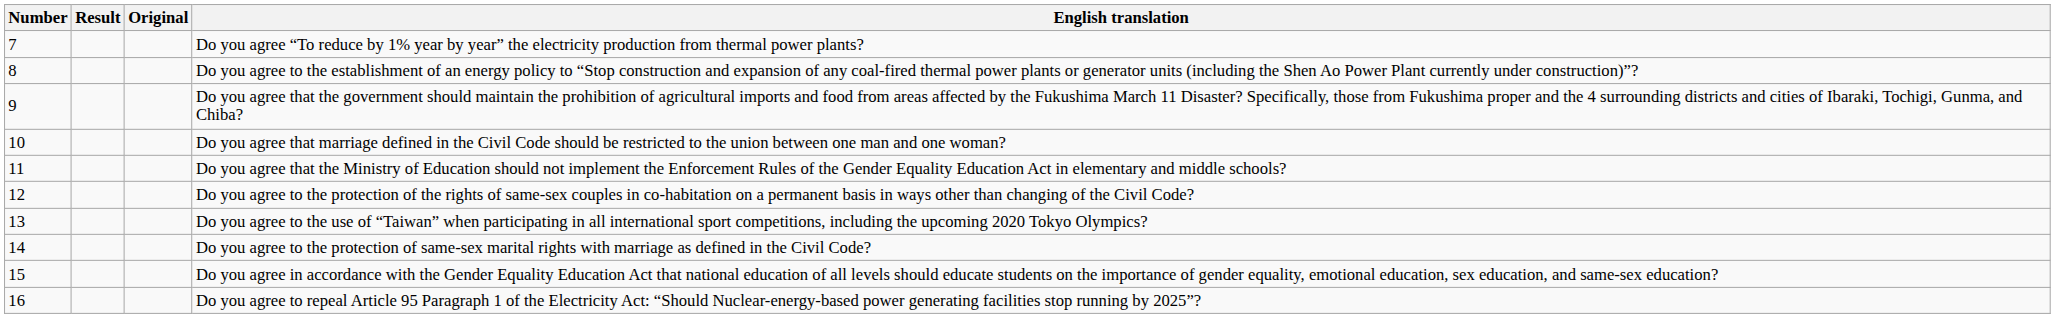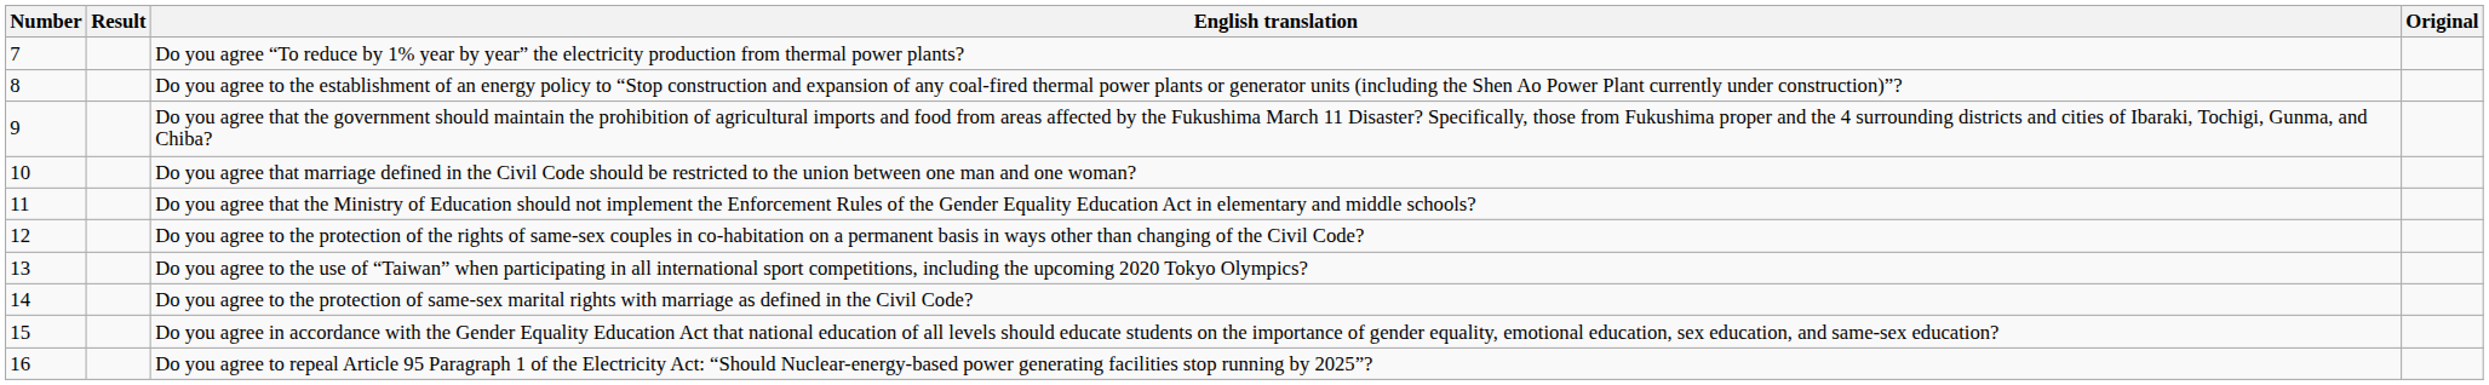 <table class="wikitable">
 <tr>
 <th>Number</th>
 <th>Result</th>
+<th>English translation</th>
 <th>Original</th>
-<th>English translation</th>
 </tr>
 <tr>
 <td>7</td>
 <td></td>
+<td>Do you agree “To reduce by 1% year by year” the electricity production from  thermal power plants?</td>
 <td></td>
-<td>Do you agree “To reduce by 1% year by year” the electricity production from  thermal power plants?</td>
 </tr>
 <tr>
 <td>8</td>
 <td></td>
+<td>Do you agree to the establishment of an energy policy to “Stop construction and expansion of any coal-fired thermal power plants or generator units (including the Shen Ao Power Plant currently under construction)”?</td>
 <td></td>
-<td>Do you agree to the establishment of an energy policy to “Stop construction and expansion of any coal-fired thermal power plants or generator units (including the Shen Ao Power Plant currently under construction)”?</td>
 </tr>
 <tr>
 <td>9</td>
 <td></td>
+<td>Do you agree that the government should maintain the prohibition of agricultural imports and food from areas affected by the Fukushima March 11 Disaster? Specifically, those from Fukushima proper and the 4 surrounding districts and cities of Ibaraki, Tochigi, Gunma, and Chiba?</td>
 <td></td>
-<td>Do you agree that the government should maintain the prohibition of agricultural imports and food from areas affected by the Fukushima March 11 Disaster? Specifically, those from Fukushima proper and the 4 surrounding districts and cities of Ibaraki, Tochigi, Gunma, and Chiba?</td>
 </tr>
 <tr>
 <td>10</td>
 <td></td>
+<td>Do you agree that marriage defined in the Civil Code should be restricted to the union between one man and one woman?</td>
 <td></td>
-<td>Do you agree that marriage defined in the Civil Code should be restricted to the union between one man and one woman?</td>
 </tr>
 <tr>
 <td>11</td>
 <td></td>
+<td>Do you agree that the Ministry of Education should not implement the Enforcement Rules of the Gender Equality Education Act in elementary and middle schools?</td>
 <td></td>
-<td>Do you agree that the Ministry of Education should not implement the Enforcement Rules of the Gender Equality Education Act in elementary and middle schools?</td>
 </tr>
 <tr>
 <td>12</td>
 <td></td>
+<td>Do you agree to the protection of the rights of same-sex couples in co-habitation on a permanent basis in ways other than changing of the Civil Code?</td>
 <td></td>
-<td>Do you agree to the protection of the rights of same-sex couples in co-habitation on a permanent basis in ways other than changing of the Civil Code?</td>
 </tr>
 <tr>
 <td>13</td>
 <td></td>
+<td>Do you agree to the use of “Taiwan” when participating in all international sport competitions, including the upcoming 2020 Tokyo Olympics?</td>
 <td></td>
-<td>Do you agree to the use of “Taiwan” when participating in all international sport competitions, including the upcoming 2020 Tokyo Olympics?</td>
 </tr>
 <tr>
 <td>14</td>
 <td></td>
+<td>Do you agree to the protection of same-sex marital rights with marriage as defined in the Civil Code?</td>
 <td></td>
-<td>Do you agree to the protection of same-sex marital rights with marriage as defined in the Civil Code?</td>
 </tr>
 <tr>
 <td>15</td>
 <td></td>
+<td>Do you agree in accordance with the Gender Equality Education Act that national education of all levels should educate students on the importance of gender equality, emotional education, sex education, and same-sex education?</td>
 <td></td>
-<td>Do you agree in accordance with the Gender Equality Education Act that national education of all levels should educate students on the importance of gender equality, emotional education, sex education, and same-sex education?</td>
 </tr>
 <tr>
 <td>16</td>
 <td></td>
+<td>Do you agree to repeal Article 95 Paragraph 1 of the Electricity Act: “Should Nuclear-energy-based power generating facilities stop running by 2025”?</td>
 <td></td>
-<td>Do you agree to repeal Article 95 Paragraph 1 of the Electricity Act: “Should Nuclear-energy-based power generating facilities stop running by 2025”?</td>
 </tr>
 </table>
